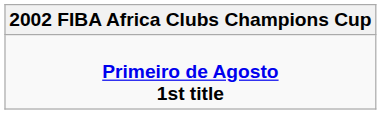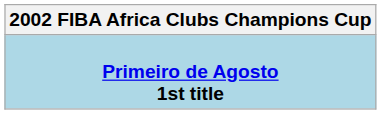 <table class=wikitable style="text-align:center; margin:auto">
 <tr>
 <th>2002 FIBA Africa Clubs Champions Cup</th>
 </tr>
 <tr>
-<td><br><strong><a href='#'>Primeiro de Agosto</a></strong><br><strong>1st title</strong></td>
+<td style="background: lightblue;"><br><strong><a href='#'>Primeiro de Agosto</a></strong><br><strong>1st title</strong></td>
 </tr>
 </table>
